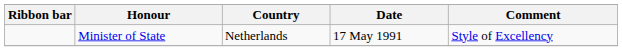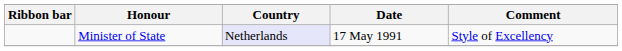 <table class="wikitable" style="width:60%;">
 <tr style="background:#ccf; text-align:center;">
 </tr>
 <tr>
 <th style="width:80px;">Ribbon bar</th>
 <th>Honour</th>
 <th>Country</th>
 <th>Date</th>
 <th>Comment</th>
 </tr>
 <tr>
 <td></td>
 <td><a href='#'>Minister of State</a></td>
-<td>Netherlands</td>
+<td style="background: lavender;">Netherlands</td>
 <td>17 May 1991</td>
 <td><a href='#'>Style</a> of <a href='#'>Excellency</a></td>
 </tr>
 <tr>
 </tr>
 </table>
